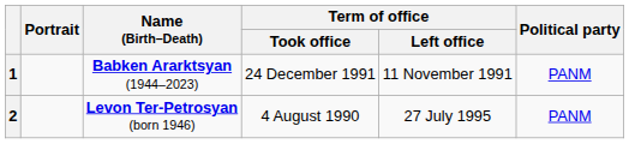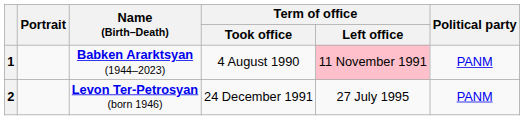 <table class="wikitable" style="text-align:center">
 <tr>
 <th rowspan="2"></th>
 <th rowspan="2">Portrait</th>
 <th rowspan="2">Name<br><small>(Birth–Death)</small></th>
 <th colspan="2">Term of office</th>
 <th rowspan="2">Political party</th>
 </tr>
 <tr>
 <th>Took office</th>
 <th>Left office</th>
 </tr>
 <tr>
 <th style="background:">1</th>
 <td></td>
 <td><strong><a href='#'>Babken Ararktsyan</a></strong><br><small>(1944–2023)</small></td>
-<td>24 December 1991</td>
-<td>11 November 1991</td>
+<td>4 August 1990</td>
+<td style="background: pink;">11 November 1991</td>
 <td><a href='#'>PANM</a></td>
 </tr>
 <tr>
 <th style="background:">2</th>
 <td></td>
 <td><strong><a href='#'>Levon Ter-Petrosyan</a></strong><br><small>(born 1946)</small></td>
-<td>4 August 1990</td>
+<td>24 December 1991</td>
 <td>27 July 1995</td>
 <td><a href='#'>PANM</a></td>
 </tr>
 </table>
